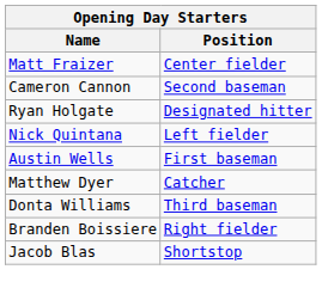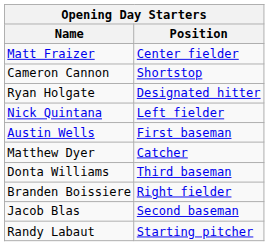 <table class="wikitable" style="text-align:left">
 <tr>
 <th colspan="2">Opening Day Starters</th>
 </tr>
 <tr>
 <th>Name</th>
 <th>Position</th>
 </tr>
 <tr>
 <td><a href='#'>Matt Fraizer</a></td>
 <td><a href='#'>Center fielder</a></td>
 </tr>
 <tr>
 <td>Cameron Cannon</td>
-<td><a href='#'>Second baseman</a></td>
+<td><a href='#'>Shortstop</a></td>
 </tr>
 <tr>
 <td>Ryan Holgate</td>
 <td><a href='#'>Designated hitter</a></td>
 </tr>
 <tr>
 <td><a href='#'>Nick Quintana</a></td>
 <td><a href='#'>Left fielder</a></td>
 </tr>
 <tr>
 <td><a href='#'>Austin Wells</a></td>
 <td><a href='#'>First baseman</a></td>
 </tr>
 <tr>
 <td>Matthew Dyer</td>
 <td><a href='#'>Catcher</a></td>
 </tr>
 <tr>
 <td>Donta Williams</td>
 <td><a href='#'>Third baseman</a></td>
 </tr>
 <tr>
 <td>Branden Boissiere</td>
 <td><a href='#'>Right fielder</a></td>
 </tr>
 <tr>
 <td>Jacob Blas</td>
-<td><a href='#'>Shortstop</a></td>
+<td><a href='#'>Second baseman</a></td>
+</tr>
+<tr>
+<td>Randy Labaut</td>
+<td><a href='#'>Starting pitcher</a></td>
 </tr>
 </table>
